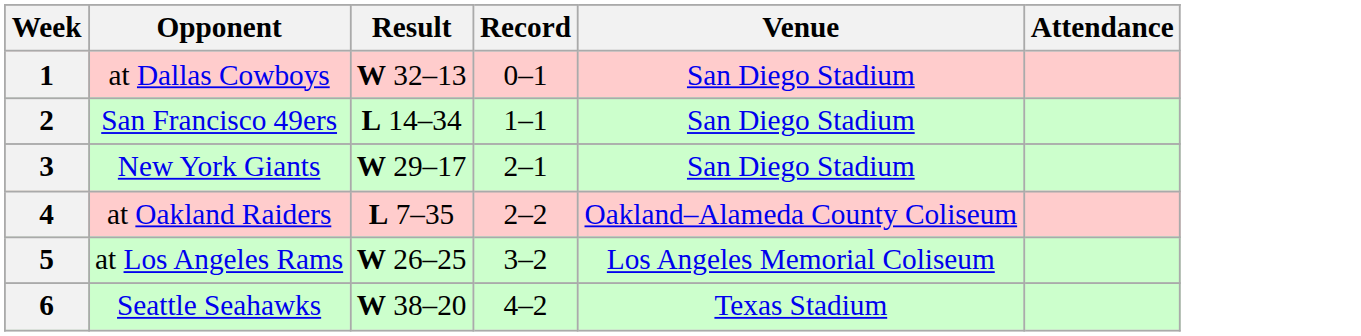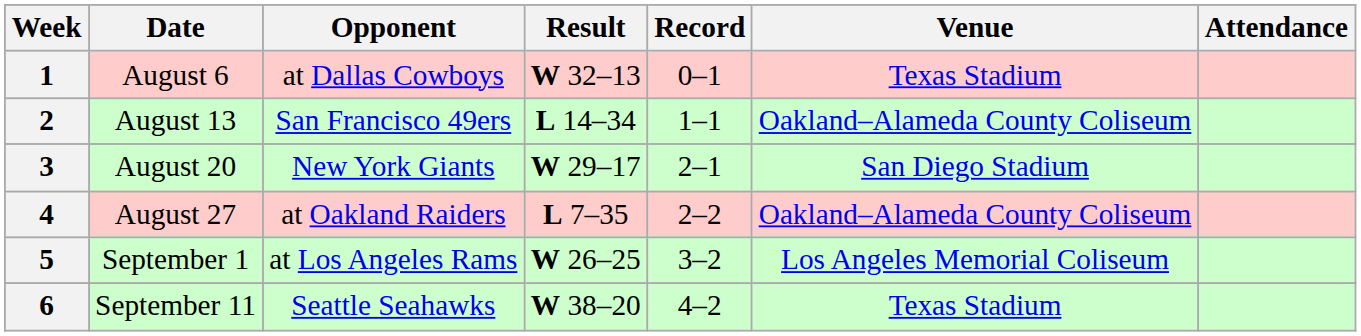 <table class="wikitable" style="text-align:center">
 <tr>
 <th>Week</th>
+<th>Date</th>
 <th>Opponent</th>
 <th>Result</th>
 <th>Record</th>
 <th>Venue</th>
 <th>Attendance</th>
 </tr>
 <tr style="background: #fcc;">
 <th scope="row">1</th>
+<td>August 6</td>
 <td>at <a href='#'>Dallas Cowboys</a></td>
 <td><strong>W</strong> 32–13</td>
 <td>0–1</td>
-<td><a href='#'>San Diego Stadium</a></td>
+<td><a href='#'>Texas Stadium</a></td>
 <td></td>
 </tr>
 <tr style="background: #cfc;">
 <th scope="row">2</th>
+<td>August 13</td>
 <td><a href='#'>San Francisco 49ers</a></td>
 <td><strong>L</strong> 14–34</td>
 <td>1–1</td>
-<td><a href='#'>San Diego Stadium</a></td>
+<td><a href='#'>Oakland–Alameda County Coliseum</a></td>
 <td></td>
 </tr>
 <tr style="background: #cfc;">
 <th scope="row">3</th>
+<td>August 20</td>
 <td><a href='#'>New York Giants</a></td>
 <td><strong>W</strong> 29–17</td>
 <td>2–1</td>
 <td><a href='#'>San Diego Stadium</a></td>
 <td></td>
 </tr>
 <tr style="background: #fcc;">
 <th scope="row">4</th>
+<td>August 27</td>
 <td>at <a href='#'>Oakland Raiders</a></td>
 <td><strong>L</strong> 7–35</td>
 <td>2–2</td>
 <td><a href='#'>Oakland–Alameda County Coliseum</a></td>
 <td></td>
 </tr>
 <tr style="background: #cfc;">
 <th scope="row">5</th>
+<td>September 1</td>
 <td>at <a href='#'>Los Angeles Rams</a></td>
 <td><strong>W</strong> 26–25</td>
 <td>3–2</td>
 <td><a href='#'>Los Angeles Memorial Coliseum</a></td>
 <td></td>
 </tr>
 <tr style="background: #cfc;">
 <th scope="row">6</th>
+<td>September 11</td>
 <td><a href='#'>Seattle Seahawks</a></td>
 <td><strong>W</strong> 38–20</td>
 <td>4–2</td>
 <td><a href='#'>Texas Stadium</a></td>
 <td></td>
 </tr>
 </table>
